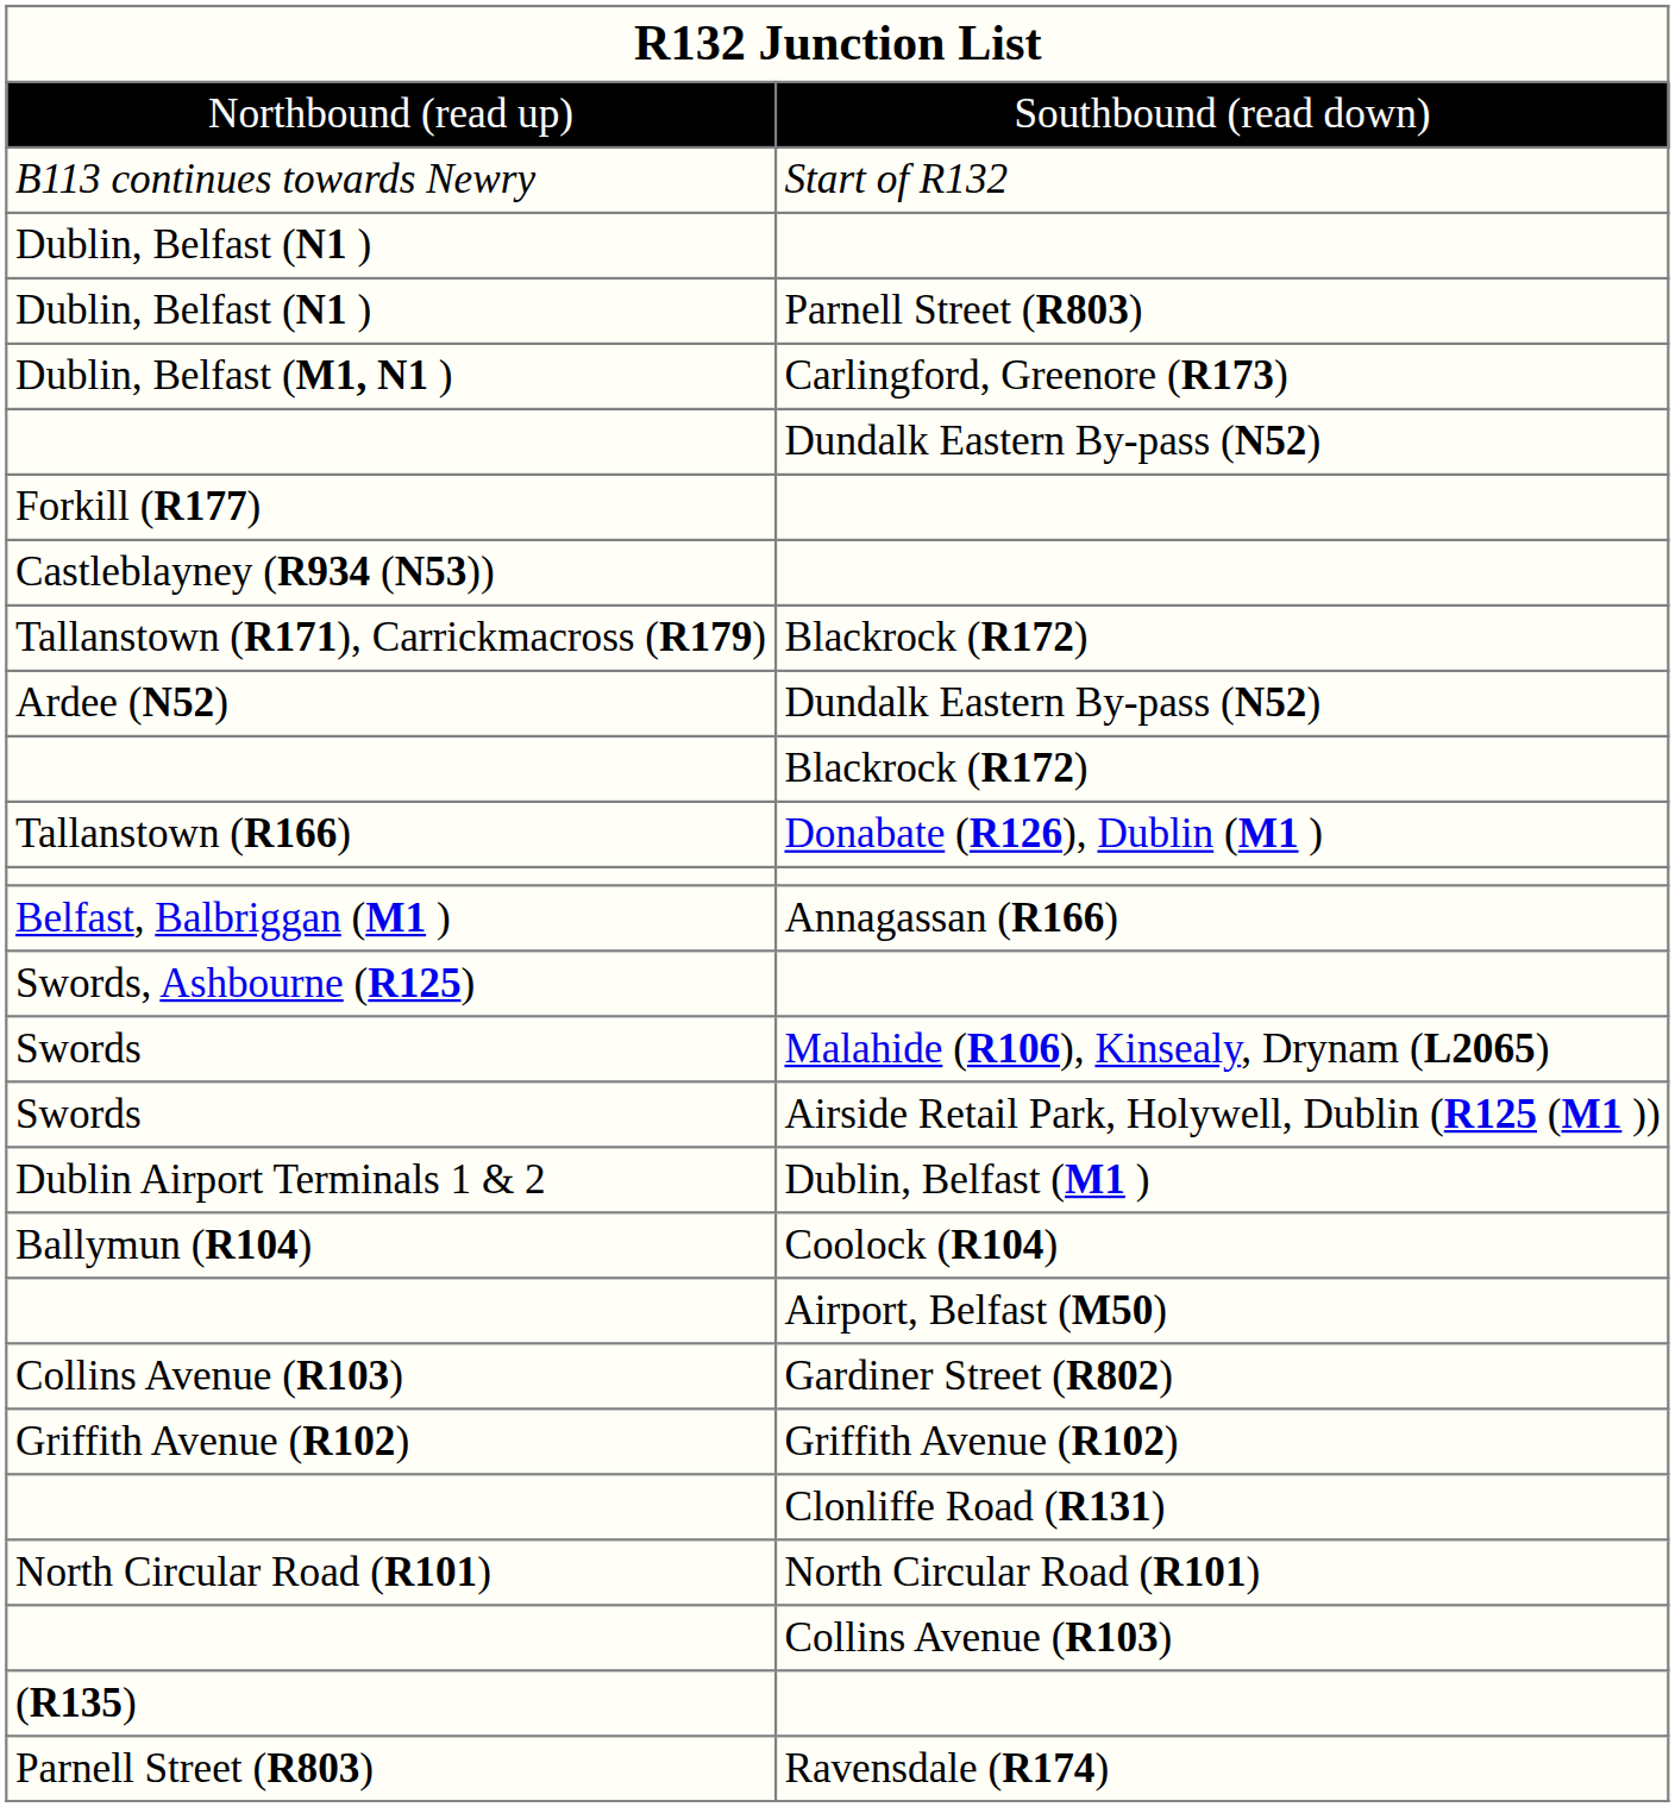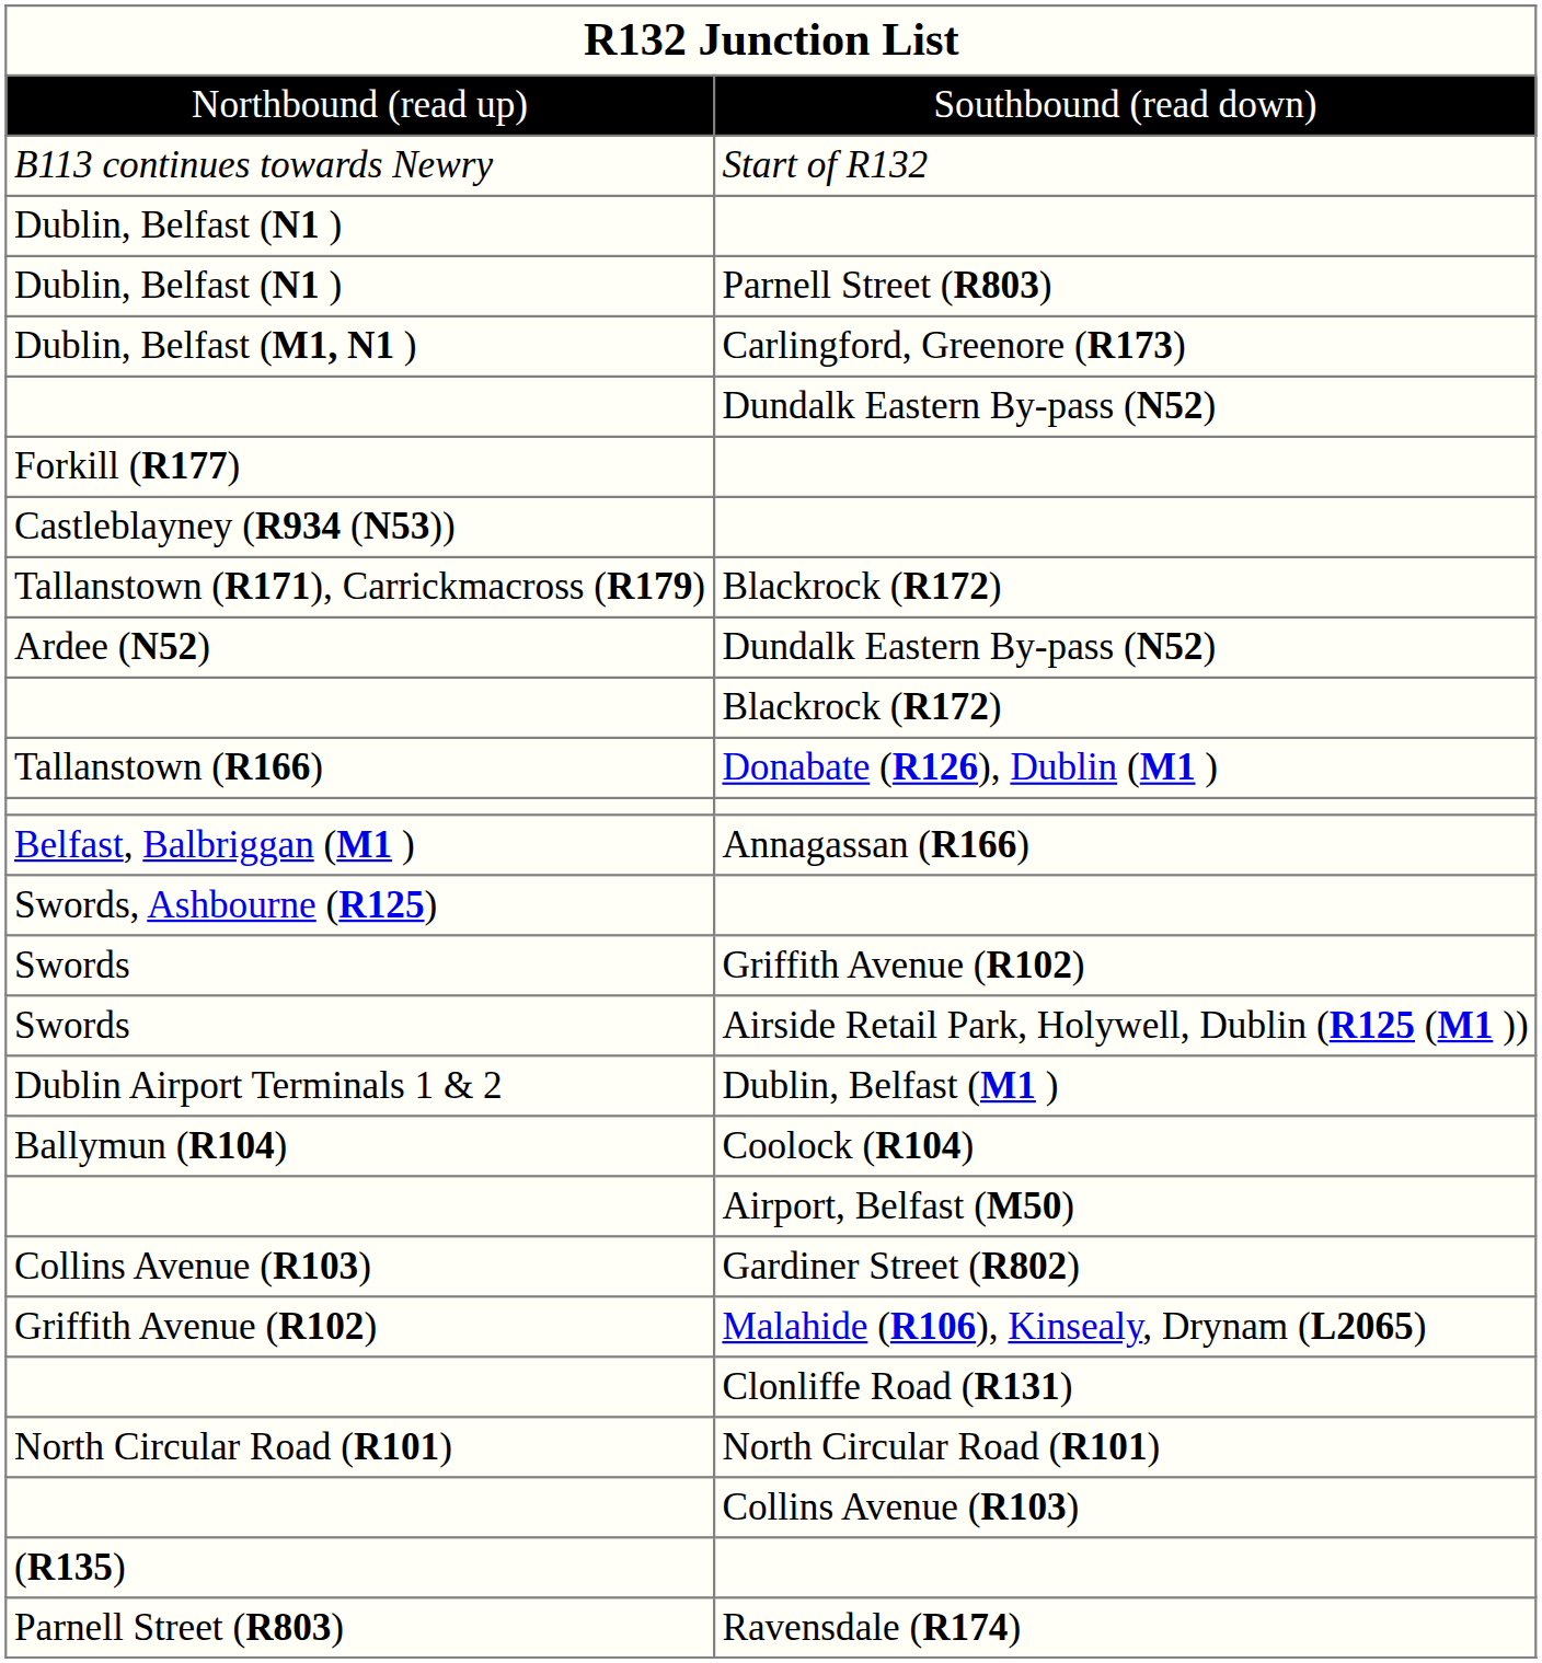 <table border=1 bgcolor=#fffff8 cellpadding=3 style="margin-left:1em; color: black; border-collapse: collapse;">
 <tr align="center" style="font-size:120%;">
 <td colspan="2"><strong>R132 Junction List</strong></td>
 </tr>
 <tr align="center" bgcolor="000000" style="color: white">
 <td>Northbound (read up)</td>
 <td>Southbound (read down)</td>
 </tr>
 <tr>
 <td><em>B113 continues towards Newry</em></td>
 <td><em>Start of R132</em></td>
 </tr>
 <tr>
 <td>Dublin, Belfast (<strong>N1</strong> )</td>
 <td></td>
 </tr>
 <tr>
 <td>Dublin, Belfast (<strong>N1</strong> )</td>
 <td>Parnell Street (<strong>R803</strong>)</td>
 </tr>
 <tr>
 <td>Dublin, Belfast (<strong>M1, N1</strong> )</td>
 <td>Carlingford, Greenore (<strong>R173</strong>)</td>
 </tr>
 <tr>
 <td></td>
 <td>Dundalk Eastern By-pass (<strong>N52</strong>)</td>
 </tr>
 <tr>
 <td>Forkill (<strong>R177</strong>)</td>
 <td></td>
 </tr>
 <tr>
 <td>Castleblayney (<strong>R934</strong> (<strong>N53</strong>))</td>
 <td></td>
 </tr>
 <tr>
 <td>Tallanstown (<strong>R171</strong>), Carrickmacross (<strong>R179</strong>)</td>
 <td>Blackrock (<strong>R172</strong>)</td>
 </tr>
 <tr>
 <td>Ardee (<strong>N52</strong>)</td>
 <td>Dundalk Eastern By-pass (<strong>N52</strong>)</td>
 </tr>
 <tr>
 <td></td>
 <td>Blackrock (<strong>R172</strong>)</td>
 </tr>
 <tr>
 <td>Tallanstown (<strong>R166</strong>)</td>
 <td><a href='#'>Donabate</a> (<strong><a href='#'>R126</a></strong>), <a href='#'>Dublin</a> (<strong><a href='#'>M1</a></strong> )</td>
 </tr>
 <tr>
 <td></td>
 <td></td>
 </tr>
 <tr>
 <td><a href='#'>Belfast</a>, <a href='#'>Balbriggan</a> (<strong><a href='#'>M1</a></strong> )</td>
 <td>Annagassan (<strong>R166</strong>)</td>
 </tr>
 <tr>
 <td>Swords, <a href='#'>Ashbourne</a> (<strong><a href='#'>R125</a></strong>)</td>
 <td></td>
 </tr>
 <tr>
 <td>Swords</td>
-<td><a href='#'>Malahide</a> (<strong><a href='#'>R106</a></strong>), <a href='#'>Kinsealy</a>, Drynam (<strong>L2065</strong>)</td>
+<td>Griffith Avenue (<strong>R102</strong>)</td>
 </tr>
 <tr>
 <td>Swords</td>
 <td>Airside Retail Park, Holywell, Dublin (<strong><a href='#'>R125</a></strong> (<strong><a href='#'>M1</a></strong> ))</td>
 </tr>
 <tr>
 <td>Dublin Airport Terminals 1 & 2</td>
 <td>Dublin, Belfast (<strong><a href='#'>M1</a></strong> )</td>
 </tr>
 <tr>
 <td>Ballymun (<strong>R104</strong>)</td>
 <td>Coolock (<strong>R104</strong>)</td>
 </tr>
 <tr>
 <td></td>
 <td>Airport, Belfast (<strong>M50</strong>)</td>
 </tr>
 <tr>
 <td>Collins Avenue (<strong>R103</strong>)</td>
 <td>Gardiner Street (<strong>R802</strong>)</td>
 </tr>
 <tr>
 <td>Griffith Avenue (<strong>R102</strong>)</td>
-<td>Griffith Avenue (<strong>R102</strong>)</td>
+<td><a href='#'>Malahide</a> (<strong><a href='#'>R106</a></strong>), <a href='#'>Kinsealy</a>, Drynam (<strong>L2065</strong>)</td>
 </tr>
 <tr>
 <td></td>
 <td>Clonliffe Road (<strong>R131</strong>)</td>
 </tr>
 <tr>
 <td>North Circular Road (<strong>R101</strong>)</td>
 <td>North Circular Road (<strong>R101</strong>)</td>
 </tr>
 <tr>
 <td></td>
 <td>Collins Avenue (<strong>R103</strong>)</td>
 </tr>
 <tr>
 <td>(<strong>R135</strong>)</td>
 <td></td>
 </tr>
 <tr>
 <td>Parnell Street (<strong>R803</strong>)</td>
 <td>Ravensdale (<strong>R174</strong>)</td>
 </tr>
 <tr>
 </tr>
 </table>
